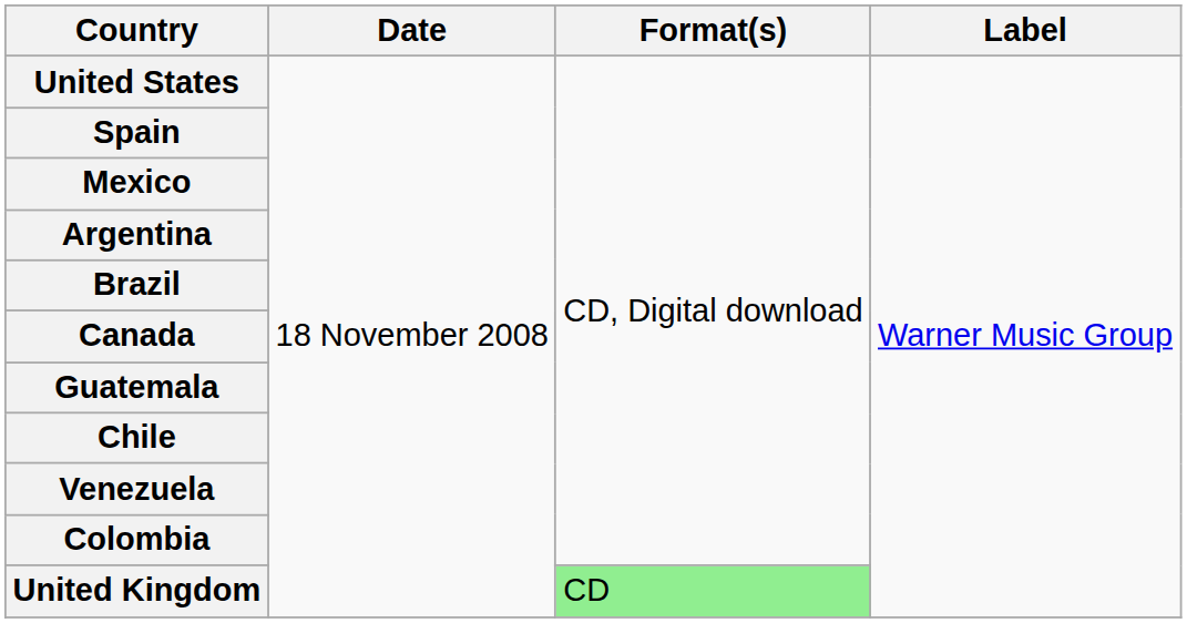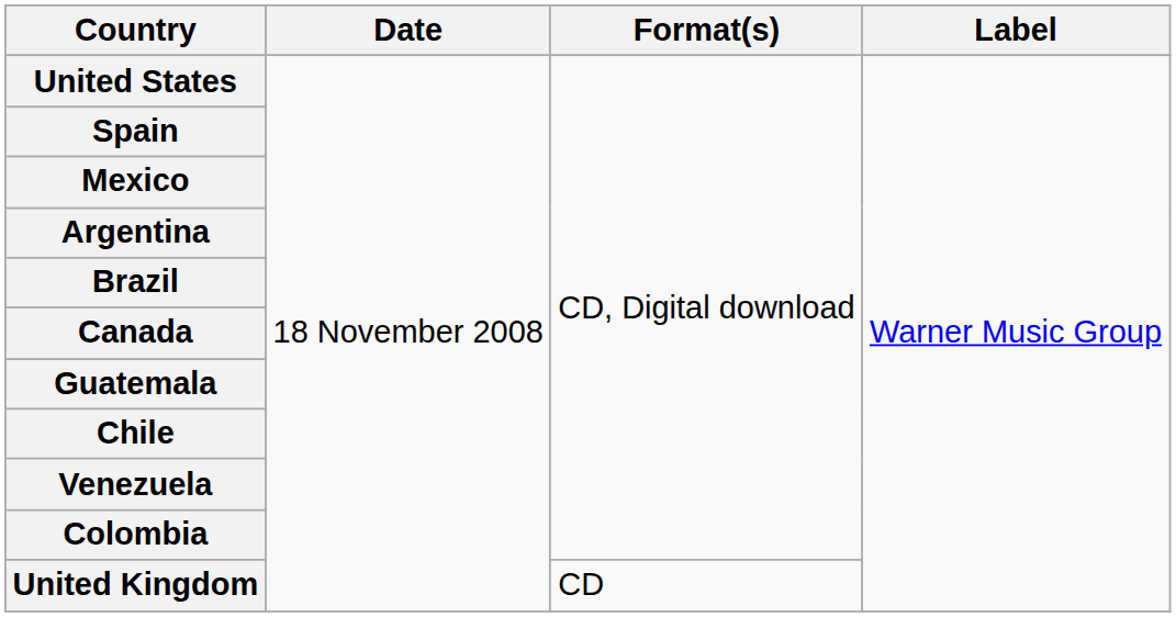 <table class="wikitable plainrowheaders">
 <tr>
 <th scope="col">Country</th>
 <th scope="col">Date</th>
 <th scope="col">Format(s)</th>
 <th scope="col">Label</th>
 </tr>
 <tr>
 <th scope="row">United States</th>
 <td scope="row" rowspan="11">18 November 2008</td>
 <td scope="row" rowspan="10">CD, Digital download</td>
 <td scope="row" rowspan="11"><a href='#'>Warner Music Group</a></td>
 </tr>
 <tr>
 <th scope="row">Spain</th>
 </tr>
 <tr>
 <th scope="row">Mexico</th>
 </tr>
 <tr>
 <th scope="row">Argentina</th>
 </tr>
 <tr>
 <th scope="row">Brazil</th>
 </tr>
 <tr>
 <th scope="row">Canada</th>
 </tr>
 <tr>
 <th scope="row">Guatemala</th>
 </tr>
 <tr>
 <th scope="row">Chile</th>
 </tr>
 <tr>
 <th scope="row">Venezuela</th>
 </tr>
 <tr>
 <th scope="row">Colombia</th>
 </tr>
 <tr>
 <th scope="row">United Kingdom</th>
-<td scope="row" style="background: lightgreen;">CD</td>
+<td scope="row">CD</td>
 </tr>
 </table>
